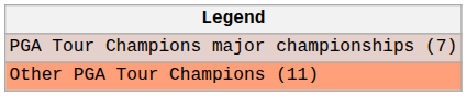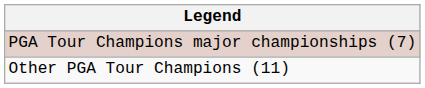 <table class="wikitable" style="font-size:95%;">
 <tr>
 <th>Legend</th>
 </tr>
 <tr style="background:#e5d1cb;">
 <td>PGA Tour Champions major championships (7)</td>
 </tr>
 <tr>
-<td style="background: lightsalmon;">Other PGA Tour Champions (11)</td>
+<td>Other PGA Tour Champions (11)</td>
 </tr>
 </table>
